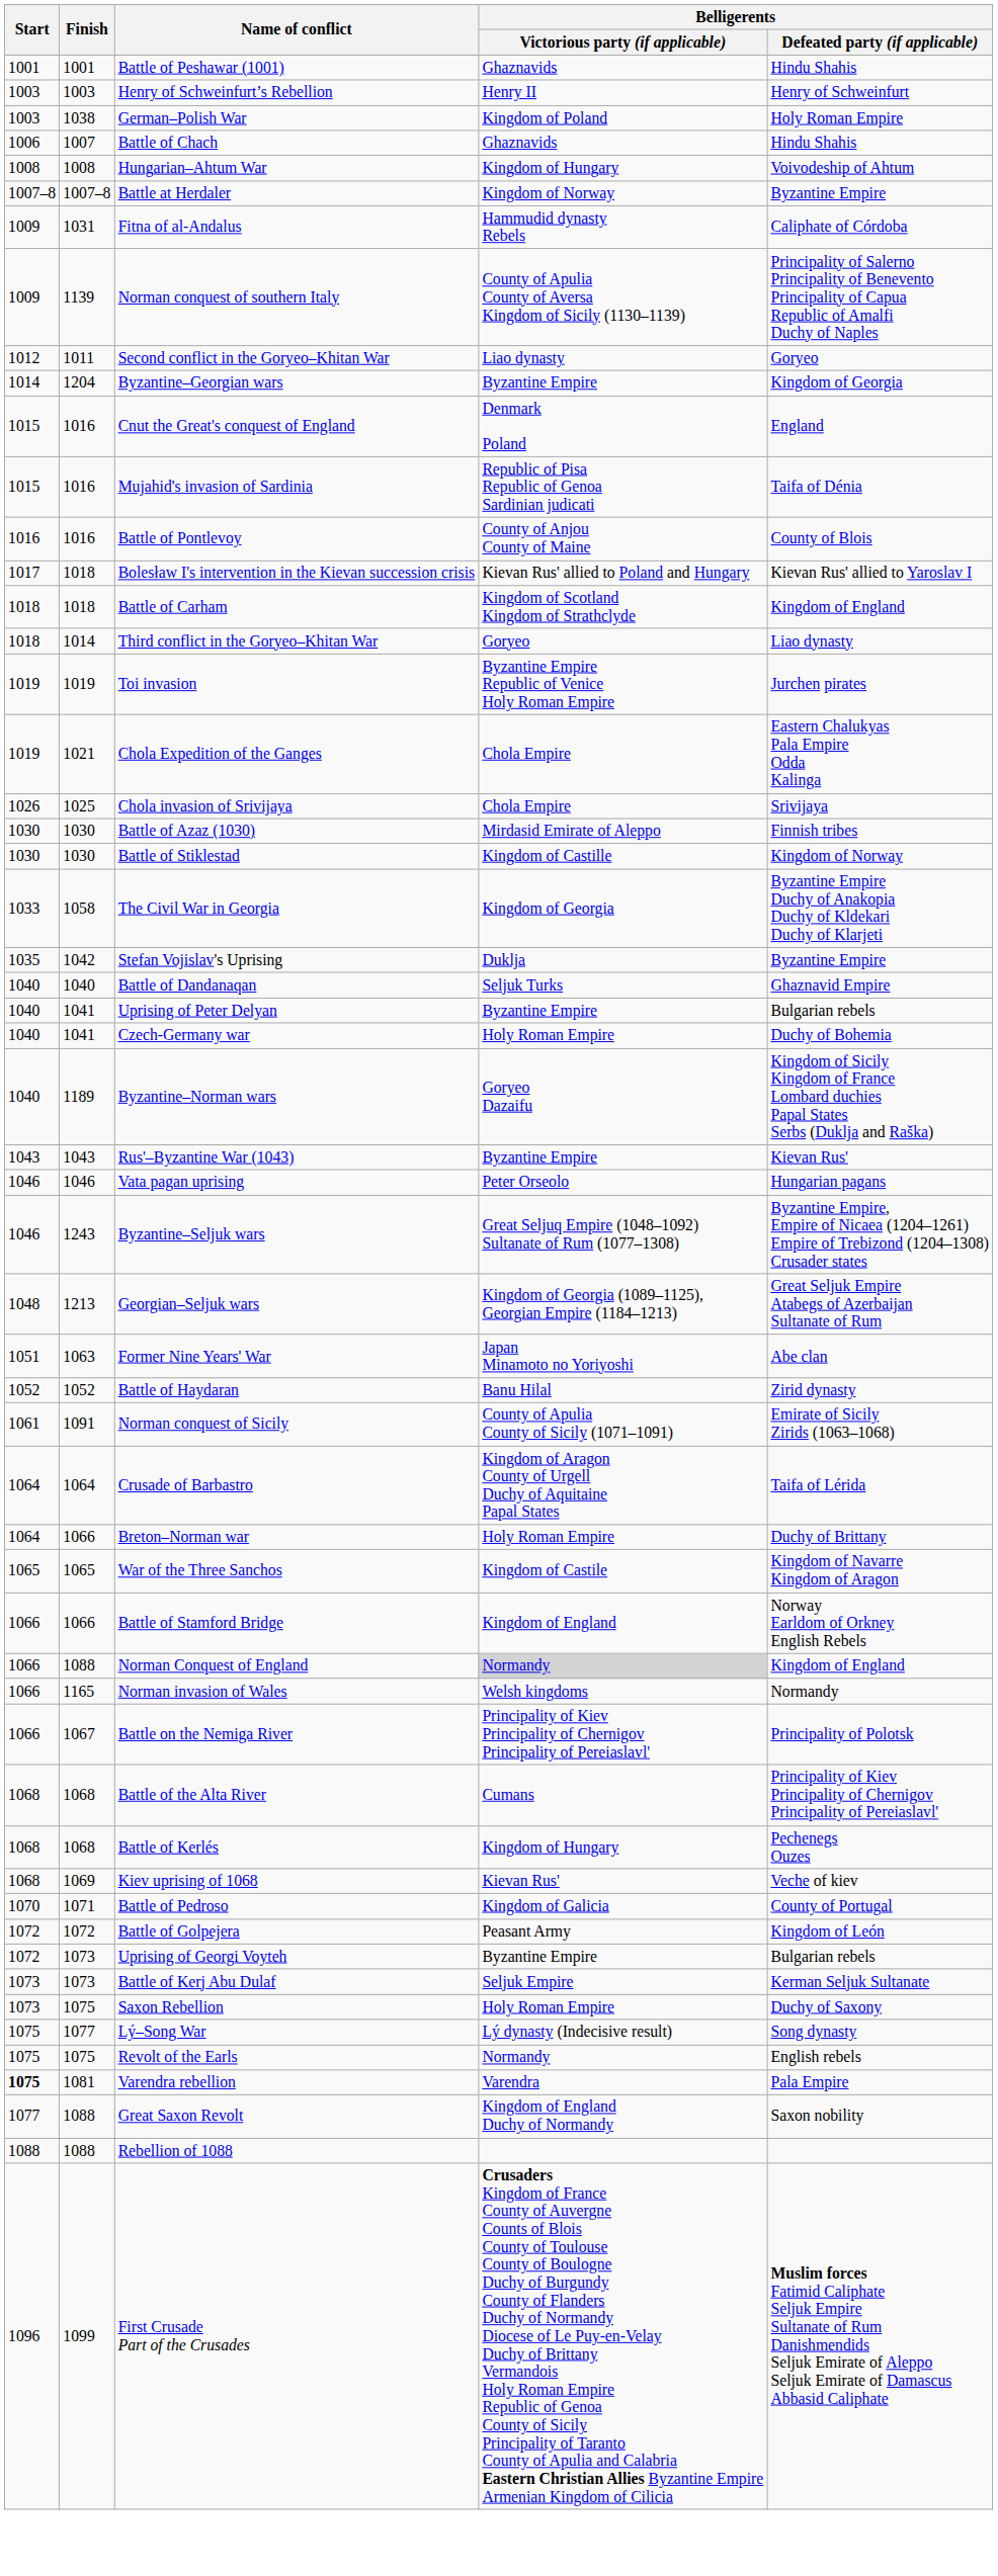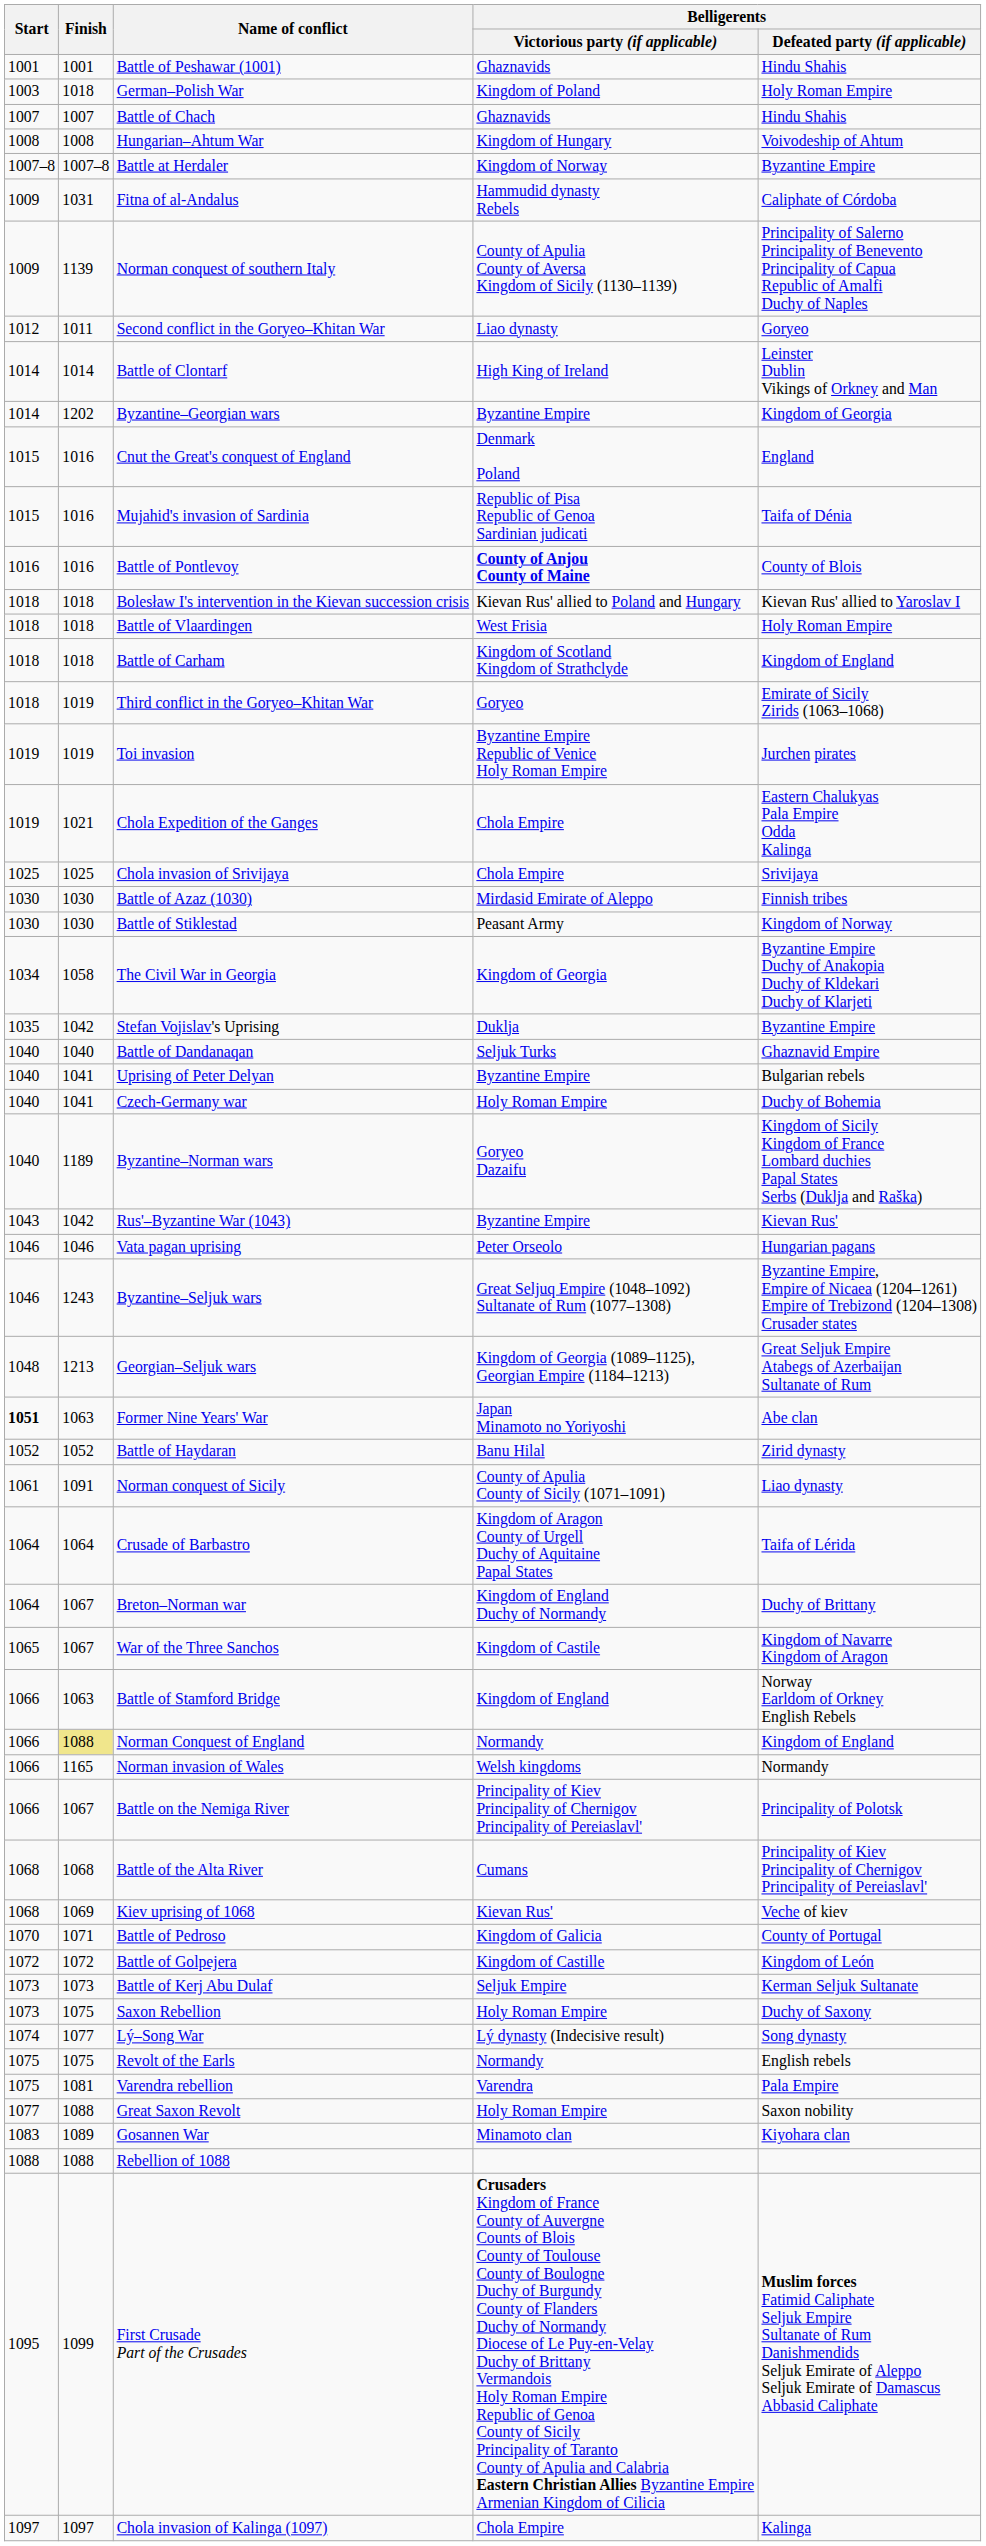 <table class="wikitable">
 <tr>
 <th rowspan="2">Start</th>
 <th rowspan="2">Finish</th>
 <th rowspan="2">Name of conflict</th>
 <th colspan="2">Belligerents</th>
 </tr>
 <tr>
 <th>Victorious party <em>(if applicable)</em></th>
 <th>Defeated party <em>(if applicable)</em></th>
 </tr>
 <tr>
 <td>1001</td>
 <td>1001</td>
 <td><a href='#'>Battle of Peshawar (1001)</a></td>
 <td><a href='#'>Ghaznavids</a></td>
 <td><a href='#'>Hindu Shahis</a></td>
 </tr>
 <tr>
 <td>1003</td>
-<td>1003</td>
-<td><a href='#'>Henry of Schweinfurt’s Rebellion</a></td>
-<td><a href='#'>Henry II</a></td>
-<td><a href='#'>Henry of Schweinfurt</a></td>
-</tr>
-<tr>
-<td>1003</td>
-<td>1038</td>
+<td>1018</td>
 <td><a href='#'>German–Polish War</a></td>
 <td><a href='#'>Kingdom of Poland</a></td>
 <td><a href='#'>Holy Roman Empire</a></td>
 </tr>
 <tr>
-<td>1006</td>
+<td>1007</td>
 <td>1007</td>
 <td><a href='#'>Battle of Chach</a></td>
 <td><a href='#'>Ghaznavids</a></td>
 <td><a href='#'>Hindu Shahis</a></td>
 </tr>
 <tr>
 <td>1008</td>
 <td>1008</td>
 <td><a href='#'>Hungarian–Ahtum War</a></td>
 <td><a href='#'>Kingdom of Hungary</a></td>
 <td><a href='#'>Voivodeship of Ahtum</a></td>
 </tr>
 <tr>
 <td>1007–8</td>
 <td>1007–8</td>
 <td><a href='#'>Battle at Herdaler</a></td>
 <td><a href='#'>Kingdom of Norway</a></td>
 <td><a href='#'>Byzantine Empire</a></td>
 </tr>
 <tr>
 <td>1009</td>
 <td>1031</td>
 <td><a href='#'>Fitna of al-Andalus</a></td>
 <td><a href='#'>Hammudid dynasty</a>  <br>  <a href='#'>Rebels</a></td>
 <td><a href='#'>Caliphate of Córdoba</a></td>
 </tr>
 <tr>
 <td>1009</td>
 <td>1139</td>
 <td><a href='#'>Norman conquest of southern Italy</a></td>
 <td><a href='#'>County of Apulia</a> <br><a href='#'>County of Aversa</a><br><a href='#'>Kingdom of Sicily</a> (1130–1139)</td>
 <td><a href='#'>Principality of Salerno</a><br> <a href='#'>Principality of Benevento</a><br> <a href='#'>Principality of Capua</a><br><a href='#'>Republic of Amalfi</a><br> <a href='#'>Duchy of Naples</a></td>
 </tr>
 <tr>
 <td>1012</td>
 <td>1011</td>
 <td><a href='#'>Second conflict in the Goryeo–Khitan War</a></td>
 <td><a href='#'>Liao dynasty</a></td>
 <td><a href='#'>Goryeo</a></td>
 </tr>
 <tr>
 <td>1014</td>
-<td>1204</td>
+<td>1014</td>
+<td><a href='#'>Battle of Clontarf</a></td>
+<td><a href='#'>High King of Ireland</a></td>
+<td><a href='#'>Leinster</a><br><a href='#'>Dublin</a><br>Vikings of <a href='#'>Orkney</a> and <a href='#'>Man</a></td>
+</tr>
+<tr>
+<td>1014</td>
+<td>1202</td>
 <td><a href='#'>Byzantine–Georgian wars</a></td>
 <td><a href='#'>Byzantine Empire</a></td>
 <td><a href='#'>Kingdom of Georgia</a></td>
 </tr>
 <tr>
 <td>1015</td>
 <td>1016</td>
 <td><a href='#'>Cnut the Great's conquest of England</a></td>
 <td><a href='#'>Denmark</a><br><br><a href='#'>Poland</a></td>
 <td><a href='#'>England</a></td>
 </tr>
 <tr>
 <td>1015</td>
 <td>1016</td>
 <td><a href='#'>Mujahid's invasion of Sardinia</a></td>
 <td><a href='#'>Republic of Pisa</a> <br> <a href='#'>Republic of Genoa</a>  <br> <a href='#'>Sardinian judicati</a></td>
 <td><a href='#'>Taifa of Dénia</a></td>
 </tr>
 <tr>
 <td>1016</td>
 <td>1016</td>
 <td><a href='#'>Battle of Pontlevoy</a></td>
-<td><a href='#'>County of Anjou</a> <br><a href='#'>County of Maine</a></td>
+<td><strong><a href='#'>County of Anjou</a> <br><a href='#'>County of Maine</a></strong></td>
 <td><a href='#'>County of Blois</a></td>
 </tr>
 <tr>
-<td>1017</td>
+<td>1018</td>
 <td>1018</td>
 <td><a href='#'>Bolesław I's intervention in the Kievan succession crisis</a></td>
 <td>Kievan Rus' allied to <a href='#'>Poland</a> and <a href='#'>Hungary</a></td>
 <td>Kievan Rus' allied to <a href='#'>Yaroslav I</a></td>
+</tr>
+<tr>
+<td>1018</td>
+<td>1018</td>
+<td><a href='#'>Battle of Vlaardingen</a></td>
+<td><a href='#'>West Frisia</a></td>
+<td><a href='#'>Holy Roman Empire</a></td>
 </tr>
 <tr>
 <td>1018</td>
 <td>1018</td>
 <td><a href='#'>Battle of Carham</a></td>
 <td><a href='#'>Kingdom of Scotland</a> <br> <a href='#'>Kingdom of Strathclyde</a></td>
 <td><a href='#'>Kingdom of England</a></td>
 </tr>
 <tr>
 <td>1018</td>
-<td>1014</td>
+<td>1019</td>
 <td><a href='#'>Third conflict in the Goryeo–Khitan War</a></td>
 <td><a href='#'>Goryeo</a></td>
-<td><a href='#'>Liao dynasty</a></td>
+<td><a href='#'>Emirate of Sicily</a><br> <a href='#'>Zirids</a> (1063–1068)</td>
 </tr>
 <tr>
 <td>1019</td>
 <td>1019</td>
 <td><a href='#'>Toi invasion</a></td>
 <td><a href='#'>Byzantine Empire</a> <br> <a href='#'>Republic of Venice</a> <br> <a href='#'>Holy Roman Empire</a></td>
 <td><a href='#'>Jurchen</a> <a href='#'>pirates</a></td>
 </tr>
 <tr>
 <td>1019</td>
 <td>1021</td>
 <td><a href='#'>Chola Expedition of the Ganges</a></td>
 <td><a href='#'>Chola Empire</a></td>
 <td><a href='#'>Eastern Chalukyas</a> <br> <a href='#'>Pala Empire</a> <br> <a href='#'>Odda</a> <br> <a href='#'>Kalinga</a></td>
 </tr>
 <tr>
-<td>1026</td>
+<td>1025</td>
 <td>1025</td>
 <td><a href='#'>Chola invasion of Srivijaya</a></td>
 <td><a href='#'>Chola Empire</a></td>
 <td><a href='#'>Srivijaya</a></td>
 </tr>
 <tr>
 <td>1030</td>
 <td>1030</td>
 <td><a href='#'>Battle of Azaz (1030)</a></td>
 <td><a href='#'>Mirdasid Emirate of Aleppo</a></td>
 <td><a href='#'>Finnish tribes</a></td>
 </tr>
 <tr>
 <td>1030</td>
 <td>1030</td>
 <td><a href='#'>Battle of Stiklestad</a></td>
-<td><a href='#'>Kingdom of Castille</a></td>
+<td>Peasant Army</td>
 <td><a href='#'>Kingdom of Norway</a></td>
 </tr>
 <tr>
-<td>1033</td>
+<td>1034</td>
 <td>1058</td>
 <td><a href='#'>The Civil War in Georgia</a></td>
 <td><a href='#'>Kingdom of Georgia</a></td>
 <td><a href='#'>Byzantine Empire</a><br><a href='#'>Duchy of Anakopia</a><br><a href='#'>Duchy of Kldekari</a><br><a href='#'>Duchy of Klarjeti</a></td>
 </tr>
 <tr>
 <td>1035</td>
 <td>1042</td>
 <td><a href='#'>Stefan Vojislav</a>'s Uprising</td>
 <td><a href='#'>Duklja</a></td>
 <td><a href='#'>Byzantine Empire</a></td>
 </tr>
 <tr>
 <td>1040</td>
 <td>1040</td>
 <td><a href='#'>Battle of Dandanaqan</a></td>
 <td><a href='#'>Seljuk Turks</a></td>
 <td><a href='#'>Ghaznavid Empire</a></td>
 </tr>
 <tr>
 <td>1040</td>
 <td>1041</td>
 <td><a href='#'>Uprising of Peter Delyan</a></td>
 <td><a href='#'>Byzantine Empire</a></td>
 <td>Bulgarian rebels</td>
 </tr>
 <tr>
 <td>1040</td>
 <td>1041</td>
 <td><a href='#'>Czech-Germany war</a></td>
 <td><a href='#'>Holy Roman Empire</a></td>
 <td><a href='#'>Duchy of Bohemia</a></td>
 </tr>
 <tr>
 <td>1040</td>
 <td>1189</td>
 <td><a href='#'>Byzantine–Norman wars</a></td>
 <td><a href='#'>Goryeo</a><br><a href='#'>Dazaifu</a></td>
 <td><a href='#'>Kingdom of Sicily</a> <br> <a href='#'>Kingdom of France</a> <br> <a href='#'>Lombard duchies</a> <br><a href='#'>Papal States</a><br> <a href='#'>Serbs</a> (<a href='#'>Duklja</a> and <a href='#'>Raška</a>)</td>
 </tr>
 <tr>
 <td>1043</td>
-<td>1043</td>
+<td>1042</td>
 <td><a href='#'>Rus'–Byzantine War (1043)</a></td>
 <td><a href='#'>Byzantine Empire</a></td>
 <td><a href='#'>Kievan Rus'</a></td>
 </tr>
 <tr>
 <td>1046</td>
 <td>1046</td>
 <td><a href='#'>Vata pagan uprising</a></td>
 <td><a href='#'>Peter Orseolo</a></td>
 <td><a href='#'>Hungarian pagans</a></td>
 </tr>
 <tr>
 <td>1046</td>
 <td>1243</td>
 <td><a href='#'>Byzantine–Seljuk wars</a></td>
 <td><a href='#'>Great Seljuq Empire</a> (1048–1092)<br><a href='#'>Sultanate of Rum</a> (1077–1308)</td>
 <td><a href='#'>Byzantine Empire</a>, <br> <a href='#'>Empire of Nicaea</a> (1204–1261)<br> <a href='#'>Empire of Trebizond</a> (1204–1308)<br> <a href='#'>Crusader states</a></td>
 </tr>
 <tr>
 <td>1048</td>
 <td>1213</td>
 <td><a href='#'>Georgian–Seljuk wars</a></td>
 <td><a href='#'>Kingdom of Georgia</a> (1089–1125), <br> <a href='#'>Georgian Empire</a> (1184–1213)</td>
 <td><a href='#'>Great Seljuk Empire</a> <br> <a href='#'>Atabegs of Azerbaijan</a> <br> <a href='#'>Sultanate of Rum</a></td>
 </tr>
 <tr>
-<td>1051</td>
+<td><strong>1051</strong></td>
 <td>1063</td>
 <td><a href='#'>Former Nine Years' War</a></td>
 <td><a href='#'>Japan</a><br><a href='#'>Minamoto no Yoriyoshi</a></td>
 <td><a href='#'>Abe clan</a></td>
 </tr>
 <tr>
 <td>1052</td>
 <td>1052</td>
 <td><a href='#'>Battle of Haydaran</a></td>
 <td><a href='#'>Banu Hilal</a></td>
 <td><a href='#'>Zirid dynasty</a></td>
 </tr>
 <tr>
 <td>1061</td>
 <td>1091</td>
 <td><a href='#'>Norman conquest of Sicily</a></td>
 <td><a href='#'>County of Apulia</a> <br>  <a href='#'>County of Sicily</a> (1071–1091)</td>
-<td><a href='#'>Emirate of Sicily</a><br> <a href='#'>Zirids</a> (1063–1068)</td>
+<td><a href='#'>Liao dynasty</a></td>
 </tr>
 <tr>
 <td>1064</td>
 <td>1064</td>
 <td><a href='#'>Crusade of Barbastro</a></td>
 <td><a href='#'>Kingdom of Aragon</a> <br><a href='#'>County of Urgell</a> <br><a href='#'>Duchy of Aquitaine</a> <br><a href='#'>Papal States</a></td>
 <td><a href='#'>Taifa of Lérida</a></td>
 </tr>
 <tr>
 <td>1064</td>
-<td>1066</td>
+<td>1067</td>
 <td><a href='#'>Breton–Norman war</a></td>
-<td><a href='#'>Holy Roman Empire</a></td>
+<td><a href='#'>Kingdom of England</a><br> <a href='#'>Duchy of Normandy</a></td>
 <td><a href='#'>Duchy of Brittany</a></td>
 </tr>
 <tr>
 <td>1065</td>
-<td>1065</td>
+<td>1067</td>
 <td><a href='#'>War of the Three Sanchos</a></td>
 <td><a href='#'>Kingdom of Castile</a></td>
 <td><a href='#'>Kingdom of Navarre</a> <br><a href='#'>Kingdom of Aragon</a></td>
 </tr>
 <tr>
 <td>1066</td>
-<td>1066</td>
+<td>1063</td>
 <td><a href='#'>Battle of Stamford Bridge</a></td>
 <td><a href='#'>Kingdom of England</a></td>
 <td>Norway<br><a href='#'>Earldom of Orkney</a><br>English Rebels</td>
 </tr>
 <tr>
 <td>1066</td>
-<td>1088</td>
+<td style="background: khaki;">1088</td>
 <td><a href='#'>Norman Conquest of England</a></td>
-<td style="background: lightgrey;"><a href='#'>Normandy</a></td>
+<td><a href='#'>Normandy</a></td>
 <td><a href='#'>Kingdom of England</a></td>
 </tr>
 <tr>
 <td>1066</td>
 <td>1165</td>
 <td><a href='#'>Norman invasion of Wales</a></td>
 <td><a href='#'>Welsh kingdoms</a></td>
 <td>Normandy</td>
 </tr>
 <tr>
 <td>1066</td>
 <td>1067</td>
 <td><a href='#'>Battle on the Nemiga River</a></td>
 <td><a href='#'>Principality of Kiev</a> <br><a href='#'>Principality of Chernigov</a> <br><a href='#'>Principality of Pereiaslavl'</a></td>
 <td><a href='#'>Principality of Polotsk</a></td>
 </tr>
 <tr>
 <td>1068</td>
 <td>1068</td>
 <td><a href='#'>Battle of the Alta River</a></td>
 <td><a href='#'>Cumans</a></td>
 <td><a href='#'>Principality of Kiev</a> <br><a href='#'>Principality of Chernigov</a> <br><a href='#'>Principality of Pereiaslavl'</a></td>
 </tr>
 <tr>
 <td>1068</td>
-<td>1068</td>
-<td><a href='#'>Battle of Kerlés</a></td>
-<td><a href='#'>Kingdom of Hungary</a></td>
-<td><a href='#'>Pechenegs</a> <br><a href='#'>Ouzes</a></td>
-</tr>
-<tr>
-<td>1068</td>
 <td>1069</td>
 <td><a href='#'>Kiev uprising of 1068</a></td>
 <td><a href='#'>Kievan Rus'</a></td>
 <td><a href='#'>Veche</a> of kiev</td>
 </tr>
 <tr>
 <td>1070</td>
 <td>1071</td>
 <td><a href='#'>Battle of Pedroso</a></td>
 <td><a href='#'>Kingdom of Galicia</a></td>
 <td><a href='#'>County of Portugal</a></td>
 </tr>
 <tr>
 <td>1072</td>
 <td>1072</td>
 <td><a href='#'>Battle of Golpejera</a></td>
-<td>Peasant Army</td>
+<td><a href='#'>Kingdom of Castille</a></td>
 <td><a href='#'>Kingdom of León</a></td>
-</tr>
-<tr>
-<td>1072</td>
-<td>1073</td>
-<td><a href='#'>Uprising of Georgi Voyteh</a></td>
-<td>Byzantine Empire</td>
-<td>Bulgarian rebels</td>
 </tr>
 <tr>
 <td>1073</td>
 <td>1073</td>
 <td><a href='#'>Battle of Kerj Abu Dulaf</a></td>
 <td><a href='#'>Seljuk Empire</a></td>
 <td><a href='#'>Kerman Seljuk Sultanate</a></td>
 </tr>
 <tr>
 <td>1073</td>
 <td>1075</td>
 <td><a href='#'>Saxon Rebellion</a></td>
 <td><a href='#'>Holy Roman Empire</a></td>
 <td><a href='#'>Duchy of Saxony</a></td>
 </tr>
 <tr>
-<td>1075</td>
+<td>1074</td>
 <td>1077</td>
 <td><a href='#'>Lý–Song War</a></td>
 <td><a href='#'>Lý dynasty</a> (Indecisive result)</td>
 <td><a href='#'>Song dynasty</a></td>
 </tr>
 <tr>
 <td>1075</td>
 <td>1075</td>
 <td><a href='#'>Revolt of the Earls</a></td>
 <td><a href='#'>Normandy</a></td>
 <td>English rebels</td>
 </tr>
 <tr>
-<td><strong>1075</strong></td>
+<td>1075</td>
 <td>1081</td>
 <td><a href='#'>Varendra rebellion</a></td>
 <td><a href='#'>Varendra</a></td>
 <td><a href='#'>Pala Empire</a></td>
 </tr>
 <tr>
 <td>1077</td>
 <td>1088</td>
 <td><a href='#'>Great Saxon Revolt</a></td>
-<td><a href='#'>Kingdom of England</a><br> <a href='#'>Duchy of Normandy</a></td>
+<td><a href='#'>Holy Roman Empire</a></td>
 <td>Saxon nobility</td>
+</tr>
+<tr>
+<td>1083</td>
+<td>1089</td>
+<td><a href='#'>Gosannen War</a></td>
+<td><a href='#'>Minamoto clan</a></td>
+<td><a href='#'>Kiyohara clan</a></td>
 </tr>
 <tr>
 <td>1088</td>
 <td>1088</td>
 <td><a href='#'>Rebellion of 1088</a></td>
 <td></td>
 <td></td>
 </tr>
 <tr>
-<td>1096</td>
+<td>1095</td>
 <td>1099</td>
 <td><a href='#'>First Crusade</a><br><em>Part of the Crusades</em></td>
 <td><strong>Crusaders</strong><br><a href='#'>Kingdom of France</a><br><a href='#'>County of Auvergne</a><br><a href='#'>Counts of Blois</a><br><a href='#'>County of Toulouse</a><br><a href='#'>County of Boulogne</a><br><a href='#'>Duchy of Burgundy</a><br><a href='#'>County of Flanders</a><br><a href='#'>Duchy of Normandy</a><br><a href='#'>Diocese of Le Puy-en-Velay</a><br><a href='#'>Duchy of Brittany</a><br><a href='#'>Vermandois</a><br><a href='#'>Holy Roman Empire</a><br><a href='#'>Republic of Genoa</a><br><a href='#'>County of Sicily</a><br><a href='#'>Principality of Taranto</a><br><a href='#'>County of Apulia and Calabria</a> <br><strong>Eastern Christian Allies</strong> <a href='#'>Byzantine Empire</a><br><a href='#'>Armenian Kingdom of Cilicia</a></td>
 <td><strong>Muslim forces</strong><br><a href='#'>Fatimid Caliphate</a><br><a href='#'>Seljuk Empire</a><br><a href='#'>Sultanate of Rum</a><br><a href='#'>Danishmendids</a><br>Seljuk Emirate of <a href='#'>Aleppo</a><br> Seljuk Emirate of <a href='#'>Damascus</a><br><a href='#'>Abbasid Caliphate</a></td>
 </tr>
+<tr>
+<td>1097</td>
+<td>1097</td>
+<td><a href='#'>Chola invasion of Kalinga (1097)</a></td>
+<td><a href='#'>Chola Empire</a></td>
+<td><a href='#'>Kalinga</a></td>
+</tr>
 </table>
